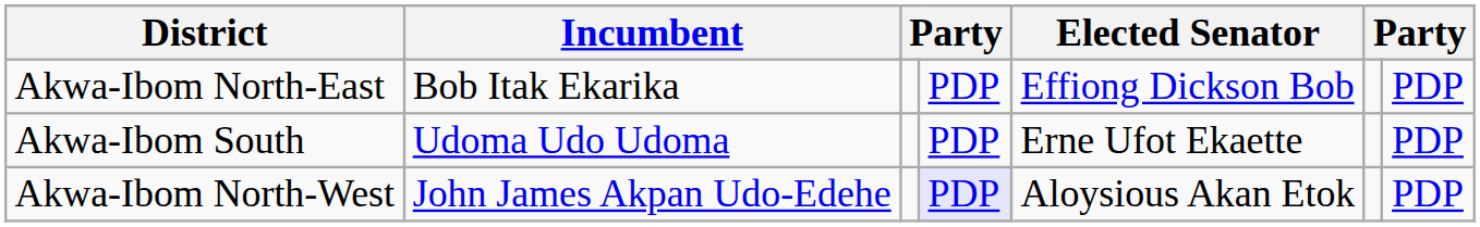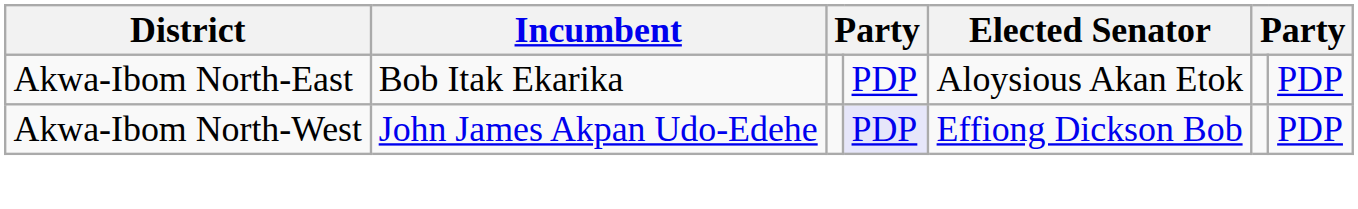 <table class="sortable wikitable" style="font-size:95%;line-height:14px;">
 <tr>
 <th class="unsortable">District</th>
 <th class="unsortable"><a href='#'>Incumbent</a></th>
 <th colspan="2">Party</th>
 <th class="unsortable">Elected Senator</th>
 <th colspan="2">Party</th>
 </tr>
 <tr>
 <td>Akwa-Ibom North-East</td>
 <td>Bob Itak Ekarika</td>
 <td style="background:"></td>
 <td><a href='#'>PDP</a></td>
-<td><a href='#'>Effiong Dickson Bob</a></td>
-<td style="background:"></td>
-<td><a href='#'>PDP</a></td>
-</tr>
-<tr>
-<td>Akwa-Ibom South</td>
-<td><a href='#'>Udoma Udo Udoma</a></td>
-<td style="background:"></td>
-<td><a href='#'>PDP</a></td>
-<td>Erne Ufot Ekaette</td>
+<td>Aloysious Akan Etok</td>
 <td style="background:"></td>
 <td><a href='#'>PDP</a></td>
 </tr>
 <tr>
 <td>Akwa-Ibom North-West</td>
 <td><a href='#'>John James Akpan Udo-Edehe</a></td>
 <td style="background:"></td>
 <td style="background: lavender;"><a href='#'>PDP</a></td>
-<td>Aloysious Akan Etok</td>
+<td><a href='#'>Effiong Dickson Bob</a></td>
 <td style="background:"></td>
 <td><a href='#'>PDP</a></td>
 </tr>
 </table>
